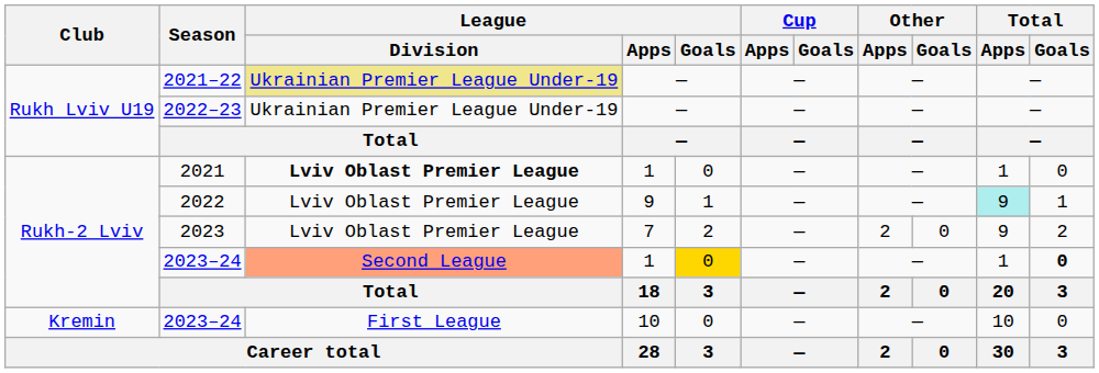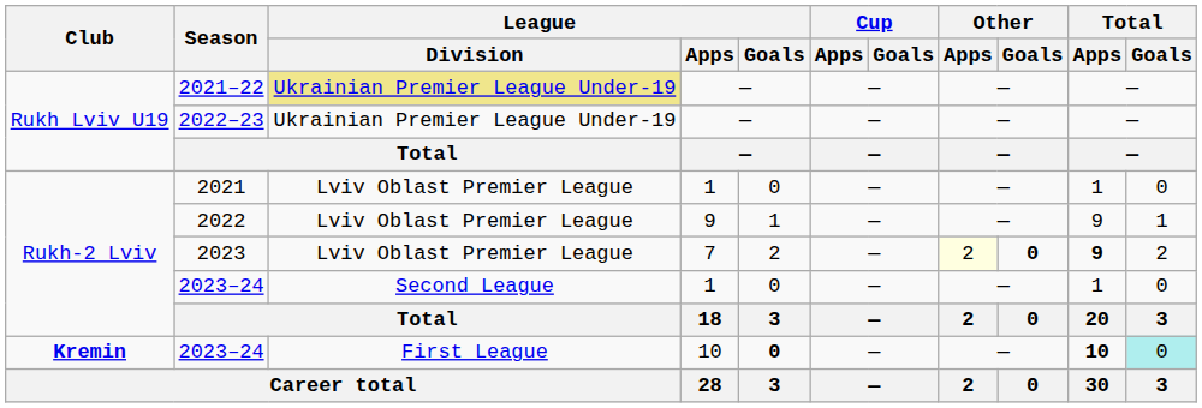 <table class=wikitable style="text-align:center">
 <tr>
 <th rowspan=2>Club</th>
 <th rowspan=2>Season</th>
 <th colspan=3>League</th>
 <th colspan=2><a href='#'>Cup</a></th>
 <th colspan="2">Other</th>
 <th colspan=2>Total</th>
 </tr>
 <tr>
 <th>Division</th>
 <th>Apps</th>
 <th>Goals</th>
 <th>Apps</th>
 <th>Goals</th>
 <th>Apps</th>
 <th>Goals</th>
 <th>Apps</th>
 <th>Goals</th>
 </tr>
 <tr>
 <td rowspan=3><a href='#'>Rukh Lviv U19</a></td>
 <td><a href='#'>2021–22</a></td>
 <td style="background: khaki;"><a href='#'>Ukrainian Premier League Under-19</a></td>
 <td colspan=2>—</td>
 <td colspan=2>—</td>
 <td colspan=2>—</td>
 <td colspan=2>—</td>
 </tr>
 <tr>
 <td><a href='#'>2022–23</a></td>
 <td>Ukrainian Premier League Under-19</td>
 <td colspan=2>—</td>
 <td colspan=2>—</td>
 <td colspan=2>—</td>
 <td colspan=2>—</td>
 </tr>
 <tr>
 <th colspan=2>Total</th>
 <th colspan=2>—</th>
 <th colspan=2>—</th>
 <th colspan=2>—</th>
 <th colspan=2>—</th>
 </tr>
 <tr>
 <td rowspan=5><a href='#'>Rukh-2 Lviv</a></td>
 <td>2021</td>
-<td><strong>Lviv Oblast Premier League</strong></td>
+<td>Lviv Oblast Premier League</td>
 <td>1</td>
 <td>0</td>
 <td colspan=2>—</td>
 <td colspan=2>—</td>
 <td>1</td>
 <td>0</td>
 </tr>
 <tr>
 <td>2022</td>
 <td>Lviv Oblast Premier League</td>
 <td>9</td>
 <td>1</td>
 <td colspan=2>—</td>
 <td colspan=2>—</td>
-<td style="background: paleturquoise;">9</td>
+<td>9</td>
 <td>1</td>
 </tr>
 <tr>
 <td>2023</td>
 <td>Lviv Oblast Premier League</td>
 <td>7</td>
 <td>2</td>
 <td colspan=2>—</td>
-<td>2</td>
-<td>0</td>
-<td>9</td>
+<td style="background: lightyellow;">2</td>
+<td><strong>0</strong></td>
+<td><strong>9</strong></td>
 <td>2</td>
 </tr>
 <tr>
 <td><a href='#'>2023–24</a></td>
-<td style="background: lightsalmon;"><a href='#'>Second League</a></td>
+<td><a href='#'>Second League</a></td>
 <td>1</td>
-<td style="background: gold;">0</td>
+<td>0</td>
 <td colspan=2>—</td>
 <td colspan=2>—</td>
 <td>1</td>
-<td><strong>0</strong></td>
+<td>0</td>
 </tr>
 <tr>
 <th colspan=2>Total</th>
 <th>18</th>
 <th>3</th>
 <th colspan=2>—</th>
 <th>2</th>
 <th>0</th>
 <th>20</th>
 <th>3</th>
 </tr>
 <tr>
-<td><a href='#'>Kremin</a></td>
+<td><strong><a href='#'>Kremin</a></strong></td>
 <td><a href='#'>2023–24</a></td>
 <td><a href='#'>First League</a></td>
 <td>10</td>
-<td>0</td>
+<td><strong>0</strong></td>
 <td colspan=2>—</td>
 <td colspan=2>—</td>
-<td>10</td>
-<td>0</td>
+<td><strong>10</strong></td>
+<td style="background: paleturquoise;">0</td>
 </tr>
 <tr>
 <th colspan=3>Career total</th>
 <th>28</th>
 <th>3</th>
 <th colspan=2>—</th>
 <th>2</th>
 <th>0</th>
 <th>30</th>
 <th>3</th>
 </tr>
 </table>
